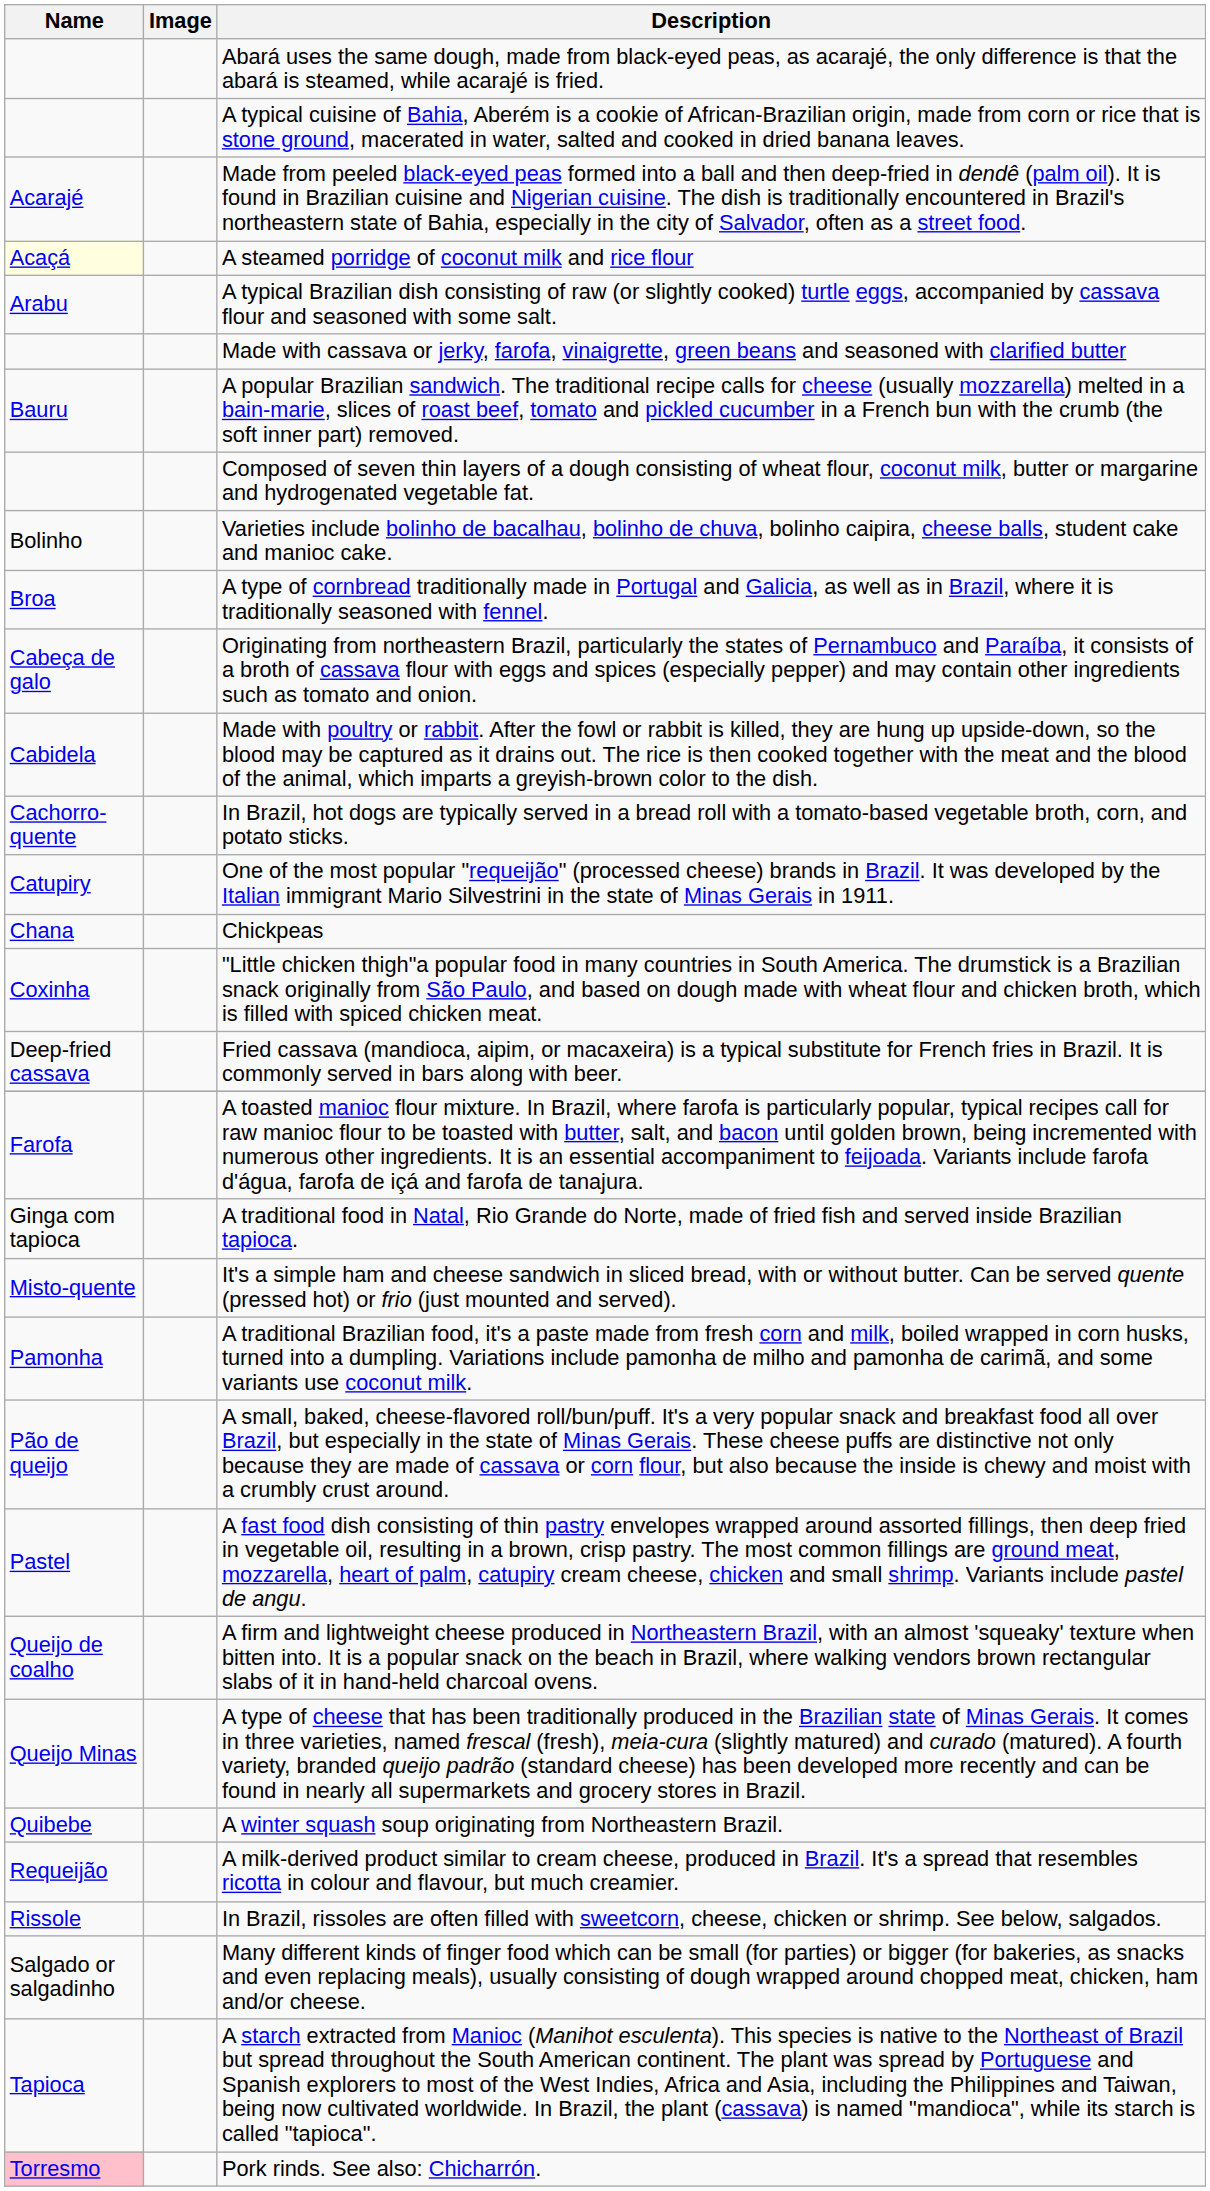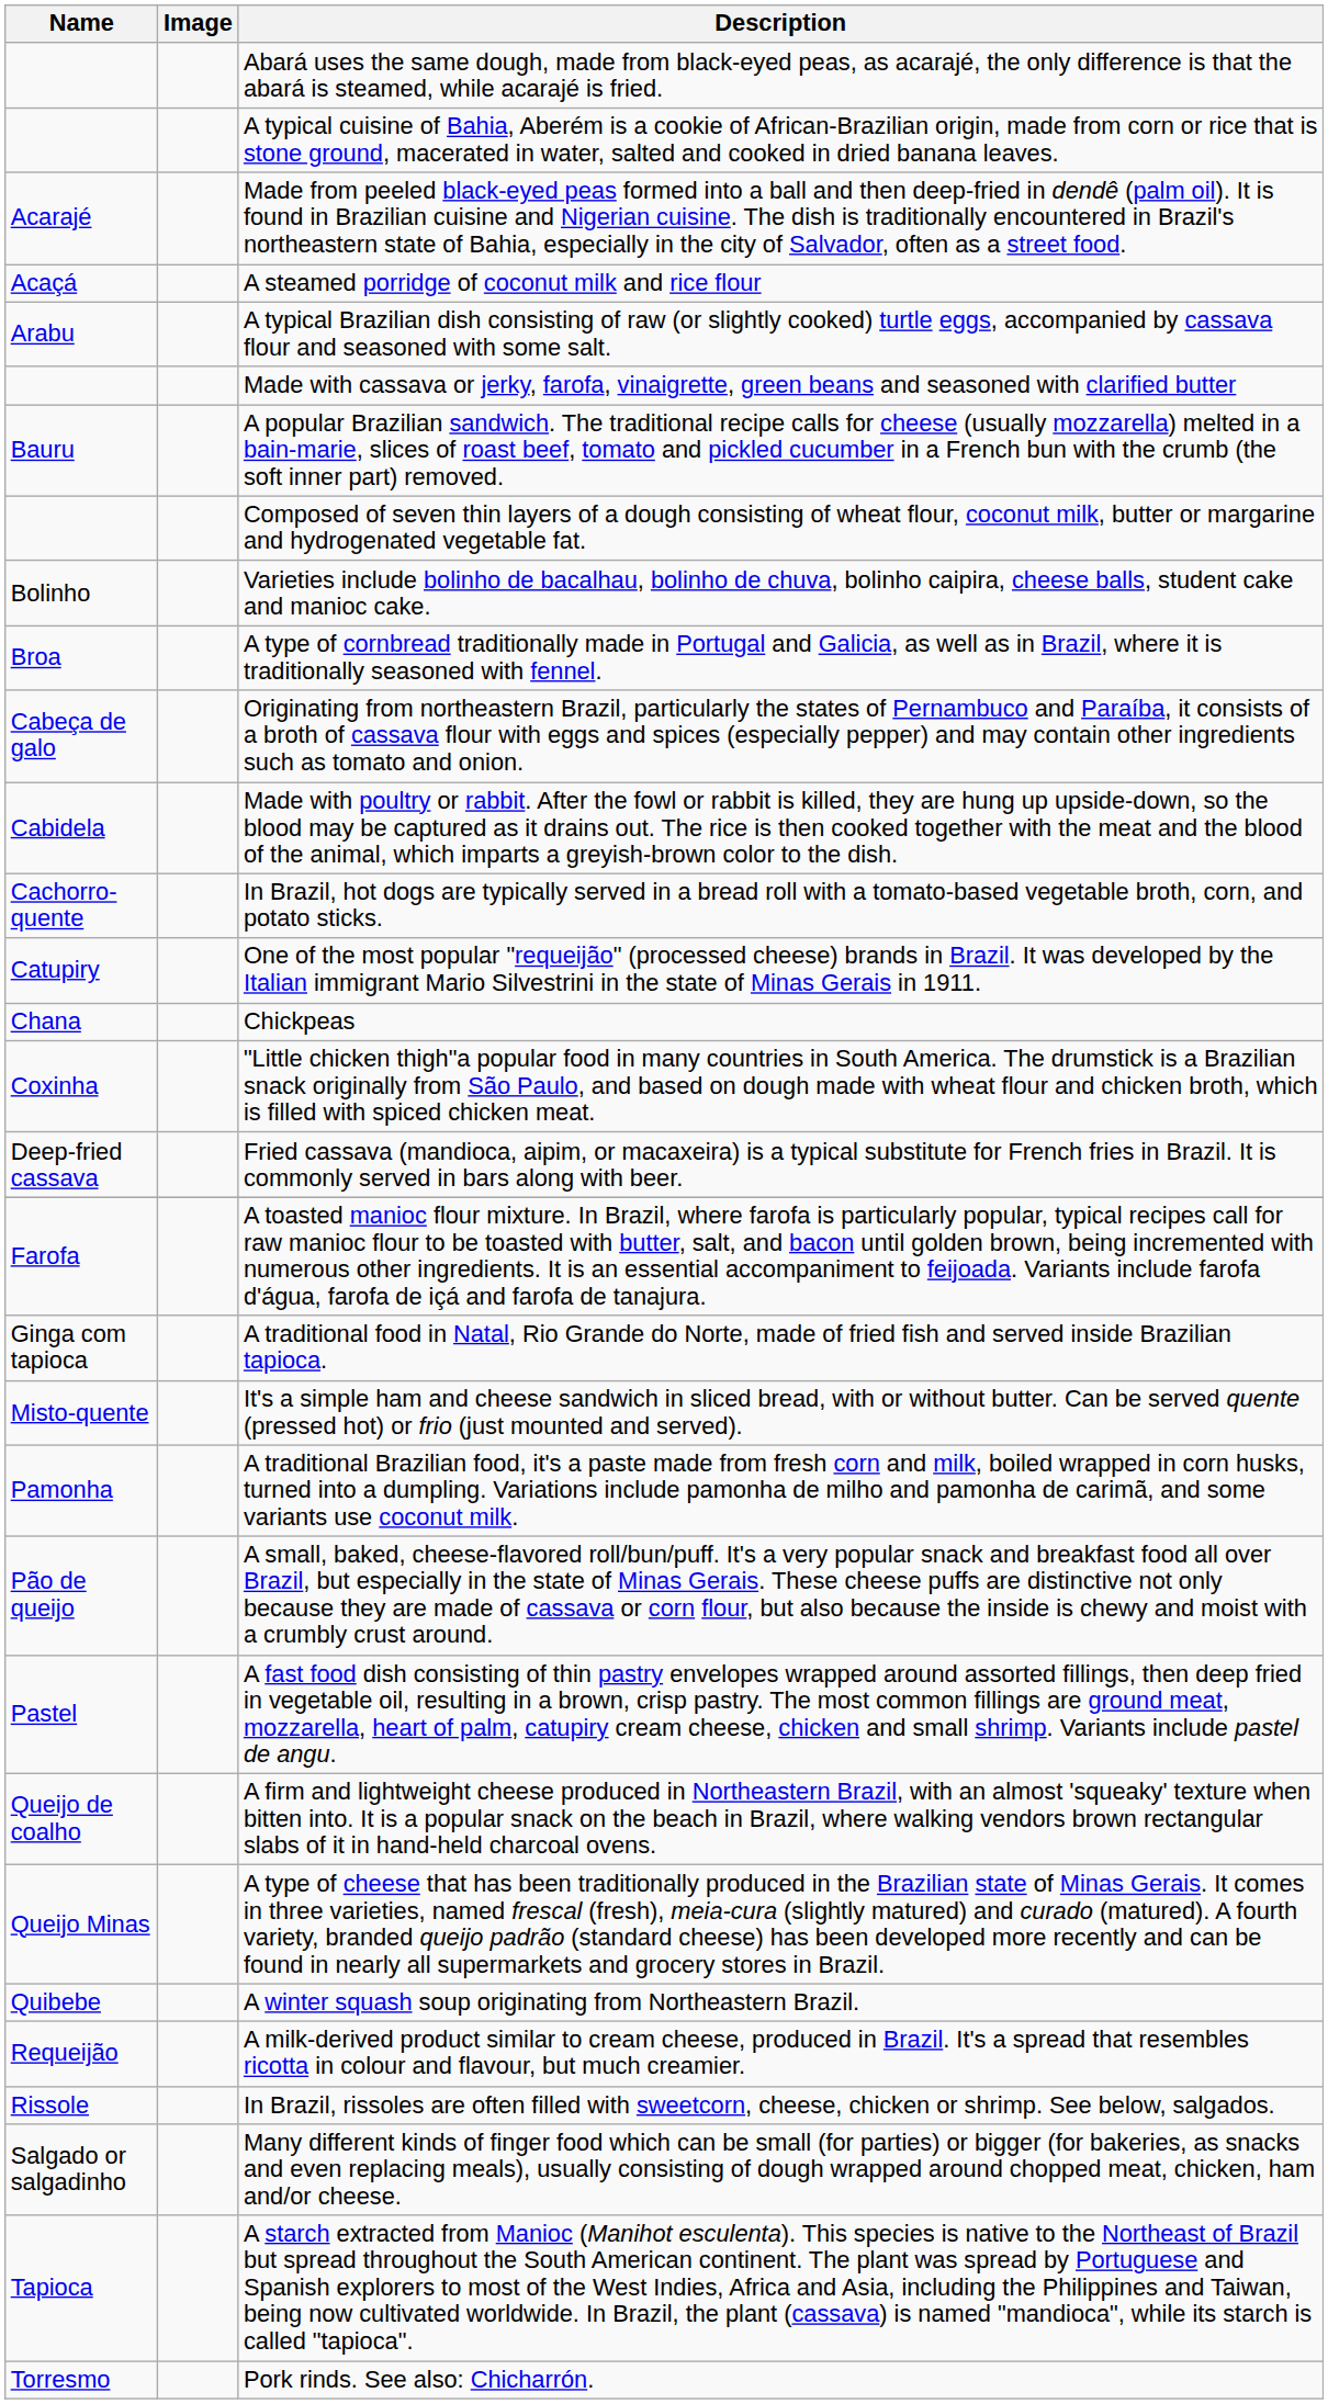 <table class="wikitable sortable" style="width:100%;">
 <tr>
 <th>Name</th>
 <th class="unsortable">Image</th>
 <th>Description</th>
 </tr>
 <tr>
 <td></td>
 <td></td>
 <td>Abará uses the same dough, made from black-eyed peas, as acarajé, the only difference is that the abará is steamed, while acarajé is fried.</td>
 </tr>
 <tr>
 <td></td>
 <td></td>
 <td>A typical cuisine of <a href='#'>Bahia</a>, Aberém is a cookie of African-Brazilian origin, made from corn or rice that is <a href='#'>stone ground</a>, macerated in water, salted and cooked in dried banana leaves.</td>
 </tr>
 <tr>
 <td><a href='#'>Acarajé</a></td>
 <td></td>
 <td>Made from peeled <a href='#'>black-eyed peas</a> formed into a ball and then deep-fried in <em>dendê</em> (<a href='#'>palm oil</a>).  It is found in Brazilian cuisine and <a href='#'>Nigerian cuisine</a>. The dish is traditionally encountered in Brazil's northeastern state of Bahia, especially in the city of <a href='#'>Salvador</a>, often as a <a href='#'>street food</a>.</td>
 </tr>
 <tr>
-<td style="background: lightyellow;"><a href='#'>Acaçá</a></td>
+<td><a href='#'>Acaçá</a></td>
 <td></td>
 <td>A steamed <a href='#'>porridge</a> of <a href='#'>coconut milk</a> and <a href='#'>rice flour</a></td>
 </tr>
 <tr>
 <td><a href='#'>Arabu</a></td>
 <td></td>
 <td>A typical Brazilian dish consisting of raw (or slightly cooked) <a href='#'>turtle</a> <a href='#'>eggs</a>, accompanied by <a href='#'>cassava</a> flour and seasoned with some salt.</td>
 </tr>
 <tr>
 <td></td>
 <td></td>
 <td>Made with cassava or <a href='#'>jerky</a>, <a href='#'>farofa</a>, <a href='#'>vinaigrette</a>, <a href='#'>green beans</a> and seasoned with <a href='#'>clarified butter</a></td>
 </tr>
 <tr>
 <td><a href='#'>Bauru</a></td>
 <td></td>
 <td>A popular Brazilian <a href='#'>sandwich</a>. The traditional recipe calls for <a href='#'>cheese</a> (usually <a href='#'>mozzarella</a>) melted in a <a href='#'>bain-marie</a>, slices of <a href='#'>roast beef</a>, <a href='#'>tomato</a> and <a href='#'>pickled cucumber</a> in a French bun with the crumb (the soft inner part) removed.</td>
 </tr>
 <tr>
 <td></td>
 <td></td>
 <td>Composed of seven thin layers of a dough consisting of wheat flour, <a href='#'>coconut milk</a>, butter or margarine and hydrogenated vegetable fat.</td>
 </tr>
 <tr>
 <td>Bolinho</td>
 <td></td>
 <td>Varieties include <a href='#'>bolinho de bacalhau</a>, <a href='#'>bolinho de chuva</a>, bolinho caipira, <a href='#'>cheese balls</a>, student cake and manioc cake.</td>
 </tr>
 <tr>
 <td><a href='#'>Broa</a></td>
 <td></td>
 <td>A type of <a href='#'>cornbread</a> traditionally made in <a href='#'>Portugal</a> and <a href='#'>Galicia</a>, as well as in <a href='#'>Brazil</a>, where it is traditionally seasoned with <a href='#'>fennel</a>.</td>
 </tr>
 <tr>
 <td><a href='#'>Cabeça de galo</a></td>
 <td></td>
 <td>Originating from northeastern Brazil, particularly the states of <a href='#'>Pernambuco</a> and <a href='#'>Paraíba</a>, it consists of a broth of <a href='#'>cassava</a> flour with eggs and spices (especially pepper) and may contain other ingredients such as tomato and onion.</td>
 </tr>
 <tr>
 <td><a href='#'>Cabidela</a></td>
 <td></td>
 <td>Made with <a href='#'>poultry</a> or <a href='#'>rabbit</a>. After the fowl or rabbit is killed, they are hung up upside-down, so the blood may be captured as it drains out. The rice is then cooked together with the meat and the blood of the animal, which imparts a greyish-brown color to the dish.</td>
 </tr>
 <tr>
 <td><a href='#'>Cachorro-quente</a></td>
 <td></td>
 <td>In Brazil, hot dogs are typically served in a bread roll with a tomato-based vegetable broth, corn, and potato sticks.</td>
 </tr>
 <tr>
 <td><a href='#'>Catupiry</a></td>
 <td></td>
 <td>One of the most popular "<a href='#'>requeijão</a>" (processed cheese) brands in <a href='#'>Brazil</a>. It was developed by the <a href='#'>Italian</a> immigrant Mario Silvestrini in the state of <a href='#'>Minas Gerais</a> in 1911.</td>
 </tr>
 <tr>
 <td><a href='#'>Chana</a></td>
 <td></td>
 <td>Chickpeas</td>
 </tr>
 <tr>
 <td><a href='#'>Coxinha</a></td>
 <td></td>
 <td>"Little chicken thigh"a popular food in many countries in South America. The drumstick is a Brazilian snack  originally from <a href='#'>São Paulo</a>, and based on dough made with wheat flour and chicken broth, which is filled with spiced chicken meat.</td>
 </tr>
 <tr>
 <td>Deep-fried <a href='#'>cassava</a></td>
 <td></td>
 <td>Fried cassava (mandioca, aipim, or macaxeira) is a typical substitute for French fries in Brazil. It is commonly served in bars along with beer.</td>
 </tr>
 <tr>
 </tr>
 <tr>
 <td><a href='#'>Farofa</a></td>
 <td></td>
 <td>A toasted <a href='#'>manioc</a> flour mixture. In Brazil, where farofa is particularly popular, typical recipes call for raw manioc flour to be toasted with <a href='#'>butter</a>, salt, and <a href='#'>bacon</a> until golden brown, being incremented with numerous other ingredients. It is an essential accompaniment to <a href='#'>feijoada</a>. Variants include farofa d'água, farofa de içá and farofa de tanajura.</td>
 </tr>
 <tr>
 <td>Ginga com tapioca</td>
 <td></td>
 <td>A traditional food in <a href='#'>Natal</a>, Rio Grande do Norte, made of fried fish and served inside Brazilian <a href='#'>tapioca</a>.</td>
 </tr>
 <tr |->
 <td><a href='#'>Misto-quente</a></td>
 <td></td>
 <td>It's a simple ham and cheese sandwich in sliced bread, with or without butter. Can be served <em>quente</em> (pressed hot) or <em>frio</em> (just mounted and served).</td>
 </tr>
 <tr>
 <td><a href='#'>Pamonha</a></td>
 <td></td>
 <td>A traditional Brazilian food, it's a paste made from fresh <a href='#'>corn</a> and <a href='#'>milk</a>, boiled wrapped in corn husks, turned into a dumpling. Variations include pamonha de milho and pamonha de carimã, and some variants use <a href='#'>coconut milk</a>.</td>
 </tr>
 <tr>
 <td><a href='#'>Pão de queijo</a></td>
 <td></td>
 <td>A small, baked, cheese-flavored roll/bun/puff. It's a very popular snack and breakfast food all over <a href='#'>Brazil</a>, but especially in the state of <a href='#'>Minas Gerais</a>. These cheese puffs are distinctive not only because they are made of <a href='#'>cassava</a> or <a href='#'>corn</a> <a href='#'>flour</a>, but also because the inside is chewy and moist with a crumbly crust around.</td>
 </tr>
 <tr>
 <td><a href='#'>Pastel</a></td>
 <td></td>
 <td>A <a href='#'>fast food</a> dish consisting of thin <a href='#'>pastry</a> envelopes wrapped around assorted fillings, then deep fried in vegetable oil, resulting in a brown, crisp pastry. The most common fillings are <a href='#'>ground meat</a>, <a href='#'>mozzarella</a>, <a href='#'>heart of palm</a>, <a href='#'>catupiry</a> cream cheese, <a href='#'>chicken</a> and small <a href='#'>shrimp</a>. Variants include <em>pastel de angu</em>.</td>
 </tr>
 <tr>
 <td><a href='#'>Queijo de coalho</a></td>
 <td></td>
 <td>A firm and lightweight cheese produced in <a href='#'>Northeastern Brazil</a>, with an almost 'squeaky' texture when bitten into. It is a popular snack on the beach in Brazil, where walking vendors brown rectangular slabs of it in hand-held charcoal ovens.</td>
 </tr>
 <tr>
 <td><a href='#'>Queijo Minas</a></td>
 <td></td>
 <td>A type of <a href='#'>cheese</a> that has been traditionally produced in the <a href='#'>Brazilian</a> <a href='#'>state</a> of <a href='#'>Minas Gerais</a>. It comes in three varieties, named <em>frescal</em> (fresh), <em>meia-cura</em> (slightly matured) and <em>curado</em> (matured). A fourth variety, branded <em>queijo padrão</em> (standard cheese) has been developed more recently and can be found in nearly all supermarkets and grocery stores in Brazil.</td>
 </tr>
 <tr>
 <td><a href='#'>Quibebe</a></td>
 <td></td>
 <td>A <a href='#'>winter squash</a> soup originating from Northeastern Brazil.</td>
 </tr>
 <tr>
 <td><a href='#'>Requeijão</a></td>
 <td></td>
 <td>A milk-derived product similar to cream cheese, produced in <a href='#'>Brazil</a>. It's a spread that resembles <a href='#'>ricotta</a> in colour and flavour, but much creamier.</td>
 </tr>
 <tr>
 <td><a href='#'>Rissole</a></td>
 <td></td>
 <td>In Brazil, rissoles are often filled with <a href='#'>sweetcorn</a>, cheese, chicken or shrimp. See below, salgados.</td>
 </tr>
 <tr>
 <td>Salgado or salgadinho</td>
 <td></td>
 <td>Many different kinds of finger food which can be small (for parties) or bigger (for bakeries, as snacks and even replacing meals), usually consisting of dough wrapped around chopped meat, chicken, ham and/or cheese.</td>
 </tr>
 <tr>
 <td><a href='#'>Tapioca</a></td>
 <td></td>
 <td>A <a href='#'>starch</a> extracted from <a href='#'>Manioc</a> (<em>Manihot esculenta</em>). This species is native to the <a href='#'>Northeast of Brazil</a> but spread throughout the South American continent. The plant was spread by <a href='#'>Portuguese</a> and Spanish explorers to most of the West Indies, Africa and Asia, including the Philippines and Taiwan, being now cultivated worldwide. In Brazil, the plant (<a href='#'>cassava</a>) is named "mandioca", while its starch is called "tapioca".</td>
 </tr>
 <tr>
-<td style="background: pink;"><a href='#'>Torresmo</a></td>
+<td><a href='#'>Torresmo</a></td>
 <td></td>
 <td>Pork rinds. See also: <a href='#'>Chicharrón</a>.</td>
 </tr>
 </table>
